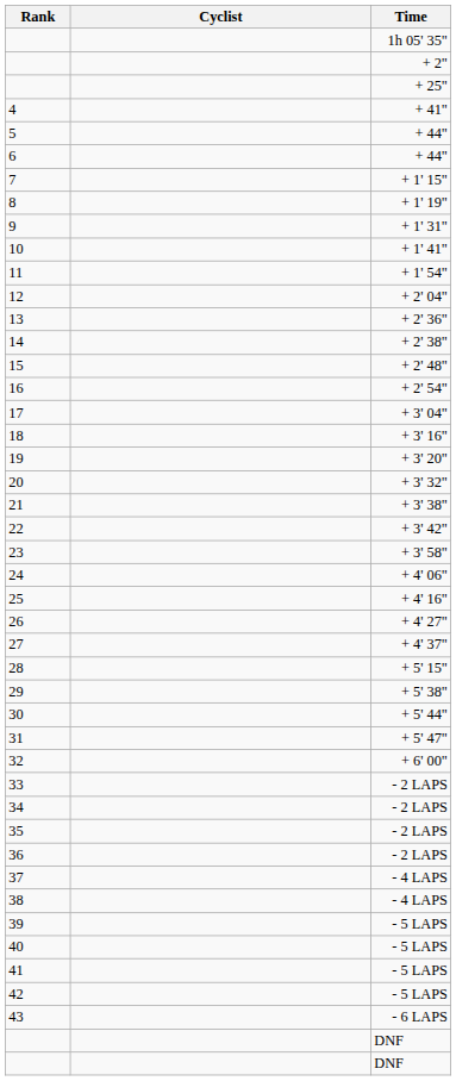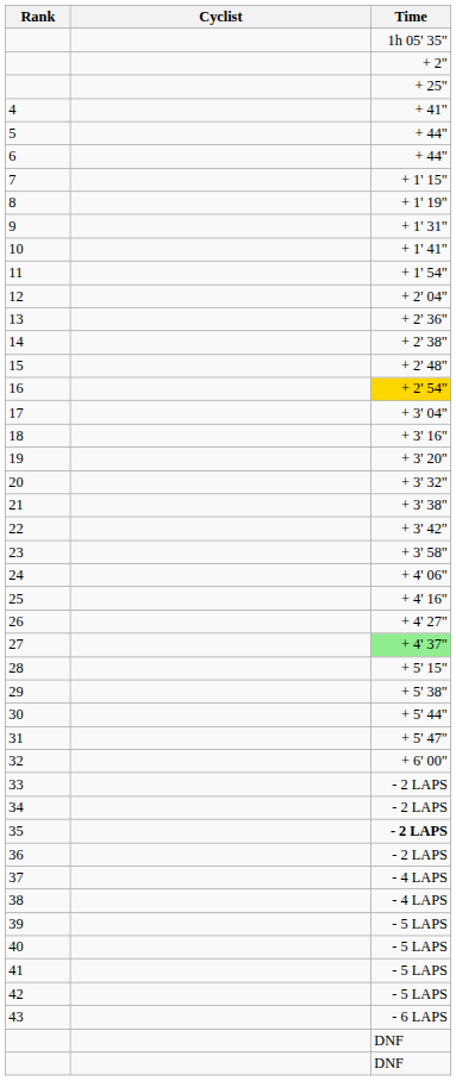 <table class="wikitable">
 <tr>
 <th style="width: 4em;">Rank</th>
 <th style="width: 20em;">Cyclist</th>
 <th style="width: 5em;">Time</th>
 </tr>
 <tr>
 <td></td>
 <td></td>
 <td align="right">1h 05' 35"</td>
 </tr>
 <tr>
 <td></td>
 <td></td>
 <td align="right">+ 2"</td>
 </tr>
 <tr>
 <td></td>
 <td></td>
 <td align="right">+ 25"</td>
 </tr>
 <tr>
 <td>4</td>
 <td></td>
 <td align="right">+ 41"</td>
 </tr>
 <tr>
 <td>5</td>
 <td></td>
 <td align="right">+ 44"</td>
 </tr>
 <tr>
 <td>6</td>
 <td></td>
 <td align="right">+ 44"</td>
 </tr>
 <tr>
 <td>7</td>
 <td></td>
 <td align="right">+ 1' 15"</td>
 </tr>
 <tr>
 <td>8</td>
 <td></td>
 <td align="right">+ 1' 19"</td>
 </tr>
 <tr>
 <td>9</td>
 <td></td>
 <td align="right">+ 1' 31"</td>
 </tr>
 <tr>
 <td>10</td>
 <td></td>
 <td align="right">+ 1' 41"</td>
 </tr>
 <tr>
 <td>11</td>
 <td></td>
 <td align="right">+ 1' 54"</td>
 </tr>
 <tr>
 <td>12</td>
 <td></td>
 <td align="right">+ 2' 04"</td>
 </tr>
 <tr>
 <td>13</td>
 <td></td>
 <td align="right">+ 2' 36"</td>
 </tr>
 <tr>
 <td>14</td>
 <td></td>
 <td align="right">+ 2' 38"</td>
 </tr>
 <tr>
 <td>15</td>
 <td></td>
 <td align="right">+ 2' 48"</td>
 </tr>
 <tr>
 <td>16</td>
 <td></td>
-<td align="right">+ 2' 54"</td>
+<td align="right" style="background: gold;">+ 2' 54"</td>
 </tr>
 <tr>
 <td>17</td>
 <td></td>
 <td align="right">+ 3' 04"</td>
 </tr>
 <tr>
 <td>18</td>
 <td></td>
 <td align="right">+ 3' 16"</td>
 </tr>
 <tr>
 <td>19</td>
 <td></td>
 <td align="right">+ 3' 20"</td>
 </tr>
 <tr>
 <td>20</td>
 <td></td>
 <td align="right">+ 3' 32"</td>
 </tr>
 <tr>
 <td>21</td>
 <td></td>
 <td align="right">+ 3' 38"</td>
 </tr>
 <tr>
 <td>22</td>
 <td></td>
 <td align="right">+ 3' 42"</td>
 </tr>
 <tr>
 <td>23</td>
 <td></td>
 <td align="right">+ 3' 58"</td>
 </tr>
 <tr>
 <td>24</td>
 <td></td>
 <td align="right">+ 4' 06"</td>
 </tr>
 <tr>
 <td>25</td>
 <td></td>
 <td align="right">+ 4' 16"</td>
 </tr>
 <tr>
 <td>26</td>
 <td></td>
 <td align="right">+ 4' 27"</td>
 </tr>
 <tr>
 <td>27</td>
 <td></td>
-<td align="right">+ 4' 37"</td>
+<td align="right" style="background: lightgreen;">+ 4' 37"</td>
 </tr>
 <tr>
 <td>28</td>
 <td></td>
 <td align="right">+ 5' 15"</td>
 </tr>
 <tr>
 <td>29</td>
 <td></td>
 <td align="right">+ 5' 38"</td>
 </tr>
 <tr>
 <td>30</td>
 <td></td>
 <td align="right">+ 5' 44"</td>
 </tr>
 <tr>
 <td>31</td>
 <td></td>
 <td align="right">+ 5' 47"</td>
 </tr>
 <tr>
 <td>32</td>
 <td></td>
 <td align="right">+ 6' 00"</td>
 </tr>
 <tr>
 <td>33</td>
 <td></td>
 <td align="right">- 2 LAPS</td>
 </tr>
 <tr>
 <td>34</td>
 <td></td>
 <td align="right">- 2 LAPS</td>
 </tr>
 <tr>
 <td>35</td>
 <td></td>
-<td align="right">- 2 LAPS</td>
+<td align="right"><strong>- 2 LAPS</strong></td>
 </tr>
 <tr>
 <td>36</td>
 <td></td>
 <td align="right">- 2 LAPS</td>
 </tr>
 <tr>
 <td>37</td>
 <td></td>
 <td align="right">- 4 LAPS</td>
 </tr>
 <tr>
 <td>38</td>
 <td></td>
 <td align="right">- 4 LAPS</td>
 </tr>
 <tr>
 <td>39</td>
 <td></td>
 <td align="right">- 5 LAPS</td>
 </tr>
 <tr>
 <td>40</td>
 <td></td>
 <td align="right">- 5 LAPS</td>
 </tr>
 <tr>
 <td>41</td>
 <td></td>
 <td align="right">- 5 LAPS</td>
 </tr>
 <tr>
 <td>42</td>
 <td></td>
 <td align="right">- 5 LAPS</td>
 </tr>
 <tr>
 <td>43</td>
 <td></td>
 <td align="right">- 6 LAPS</td>
 </tr>
 <tr>
 <td></td>
 <td></td>
 <td>DNF</td>
 </tr>
 <tr>
 <td></td>
 <td></td>
 <td>DNF</td>
 </tr>
 </table>
